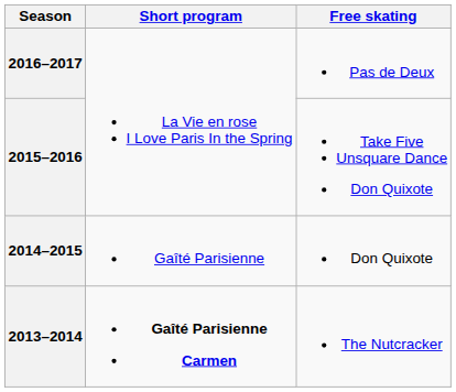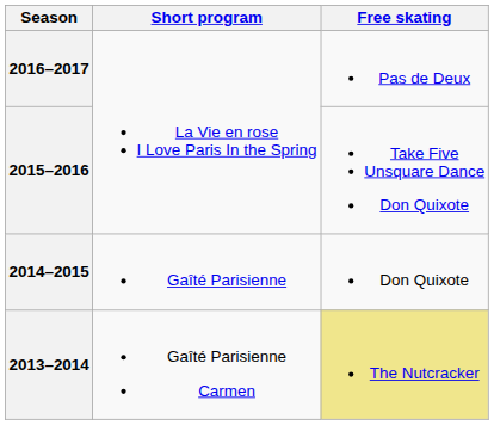 <table class="wikitable" style="text-align:center">
 <tr>
 <th>Season</th>
 <th><a href='#'>Short program</a></th>
 <th><a href='#'>Free skating</a></th>
 </tr>
 <tr>
 <th>2016–2017 <br> </th>
 <td rowspan=2><br><ul><li><a href='#'>La Vie en rose</a> <br> </li><li><a href='#'>I Love Paris In the Spring</a> <br> </li></ul></td>
 <td><br><ul><li><a href='#'>Pas de Deux</a> <br> </li></ul></td>
 </tr>
 <tr>
 <th>2015–2016 <br> </th>
 <td><br><ul><li><a href='#'>Take Five</a> <br> </li><li><a href='#'>Unsquare Dance</a> <br> </li></ul><ul><li><a href='#'>Don Quixote</a> <br> </li></ul></td>
 </tr>
 <tr>
 <th>2014–2015 <br> </th>
 <td><br><ul><li><a href='#'>Gaîté Parisienne</a> <br> </li></ul></td>
 <td><br><ul><li>Don Quixote <br> </li></ul></td>
 </tr>
 <tr>
 <th>2013–2014 <br> </th>
-<td><strong><br><ul><li>Gaîté Parisienne <br> </li></ul><ul><li><a href='#'>Carmen</a> <br> </li></ul></strong></td>
-<td><br><ul><li><a href='#'>The Nutcracker</a> <br> </li></ul></td>
+<td><br><ul><li>Gaîté Parisienne <br> </li></ul><ul><li><a href='#'>Carmen</a> <br> </li></ul></td>
+<td style="background: khaki;"><br><ul><li><a href='#'>The Nutcracker</a> <br> </li></ul></td>
 </tr>
 </table>
